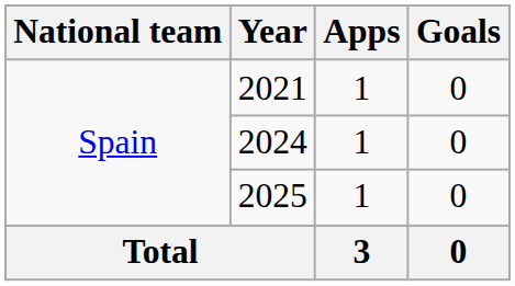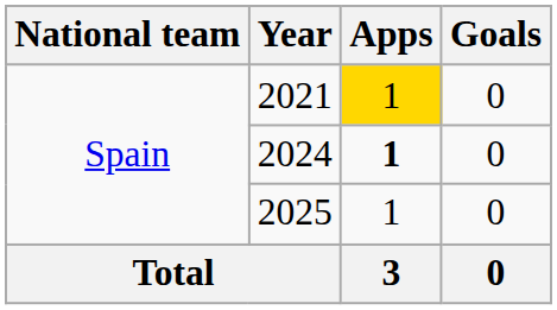 <table class="wikitable" style="text-align:center">
 <tr>
 <th>National team</th>
 <th>Year</th>
 <th>Apps</th>
 <th>Goals</th>
 </tr>
 <tr>
 <td rowspan="3"><a href='#'>Spain</a></td>
 <td>2021</td>
-<td>1</td>
+<td style="background: gold;">1</td>
 <td>0</td>
 </tr>
 <tr>
 <td>2024</td>
-<td>1</td>
+<td><strong>1</strong></td>
 <td>0</td>
 </tr>
 <tr>
 <td>2025</td>
 <td>1</td>
 <td>0</td>
 </tr>
 <tr>
 <th colspan="2">Total</th>
 <th>3</th>
 <th>0</th>
 </tr>
 </table>
